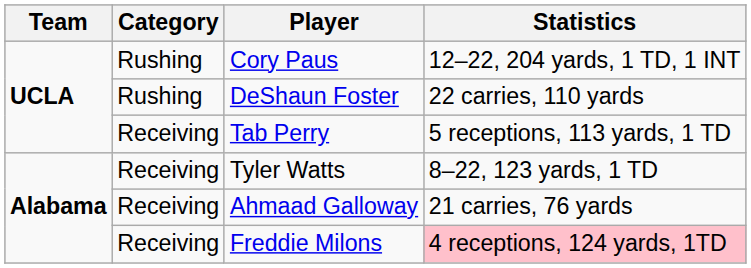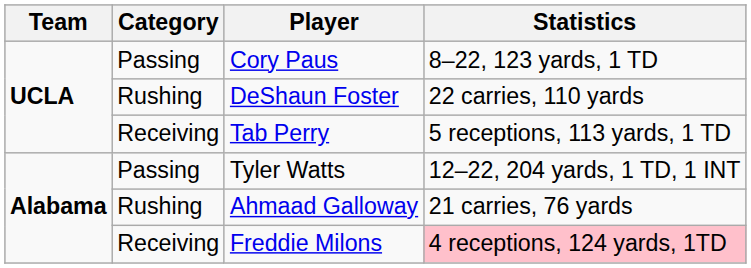 <table class="wikitable" style="float: right;">
 <tr>
 <th>Team</th>
 <th>Category</th>
 <th>Player</th>
 <th>Statistics</th>
 </tr>
 <tr>
 <td rowspan=3><strong>UCLA</strong></td>
-<td>Rushing</td>
+<td>Passing</td>
 <td><a href='#'>Cory Paus</a></td>
-<td>12–22, 204 yards, 1 TD, 1 INT</td>
+<td>8–22, 123 yards, 1 TD</td>
 </tr>
 <tr>
 <td>Rushing</td>
 <td><a href='#'>DeShaun Foster</a></td>
 <td>22 carries, 110 yards</td>
 </tr>
 <tr>
 <td>Receiving</td>
 <td><a href='#'>Tab Perry</a></td>
 <td>5 receptions, 113 yards, 1 TD</td>
 </tr>
 <tr>
 <td rowspan=3><strong>Alabama</strong></td>
-<td>Receiving</td>
+<td>Passing</td>
 <td>Tyler Watts</td>
-<td>8–22, 123 yards, 1 TD</td>
+<td>12–22, 204 yards, 1 TD, 1 INT</td>
 </tr>
 <tr>
-<td>Receiving</td>
+<td>Rushing</td>
 <td><a href='#'>Ahmaad Galloway</a></td>
 <td>21 carries, 76 yards</td>
 </tr>
 <tr>
 <td>Receiving</td>
 <td><a href='#'>Freddie Milons</a></td>
 <td style="background: pink;">4 receptions, 124 yards, 1TD</td>
 </tr>
 </table>
